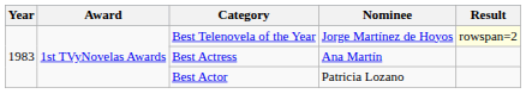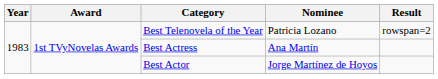 <table class="wikitable">
 <tr style="background:#b0c4de;">
 <th>Year</th>
 <th>Award</th>
 <th>Category</th>
 <th>Nominee</th>
 <th>Result</th>
 </tr>
 <tr>
 <td rowspan=3>1983</td>
 <td rowspan=3><a href='#'>1st TVyNovelas Awards</a></td>
 <td><a href='#'>Best Telenovela of the Year</a></td>
-<td><a href='#'>Jorge Martínez de Hoyos</a></td>
-<td style="background: lightyellow;">rowspan=2 </td>
+<td>Patricia Lozano</td>
+<td>rowspan=2 </td>
 </tr>
 <tr>
 <td><a href='#'>Best Actress</a></td>
 <td><a href='#'>Ana Martín</a></td>
 </tr>
 <tr>
 <td><a href='#'>Best Actor</a></td>
-<td>Patricia Lozano</td>
+<td><a href='#'>Jorge Martínez de Hoyos</a></td>
 <td></td>
 </tr>
 </table>
